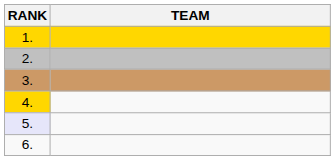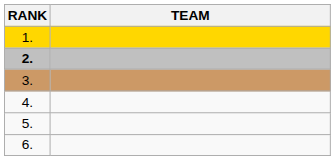 <table class="wikitable" style="border-collapse: collapse; font-size: 90%;">
 <tr>
 <th>RANK</th>
 <th align="center" style="width: 20em">TEAM</th>
 </tr>
 <tr bgcolor=gold>
 <td align="center">1.</td>
 <td></td>
 </tr>
 <tr bgcolor=silver>
-<td align="center">2.</td>
+<td align="center"><strong>2.</strong></td>
 <td></td>
 </tr>
 <tr bgcolor=#cc9966>
 <td align="center">3.</td>
 <td></td>
 </tr>
 <tr>
-<td align="center" style="background: gold;">4.</td>
+<td align="center">4.</td>
 <td></td>
 </tr>
 <tr>
-<td align="center" style="background: lavender;">5.</td>
+<td align="center">5.</td>
 <td></td>
 </tr>
 <tr>
 <td align="center">6.</td>
 <td></td>
 </tr>
 </table>
